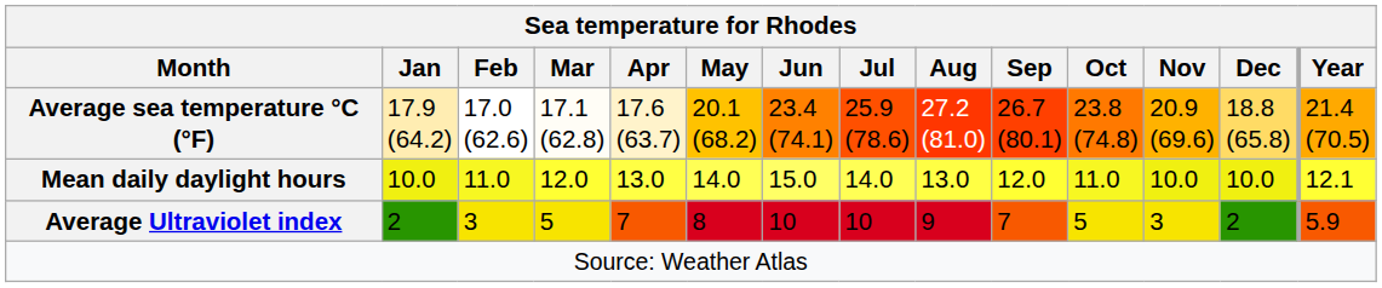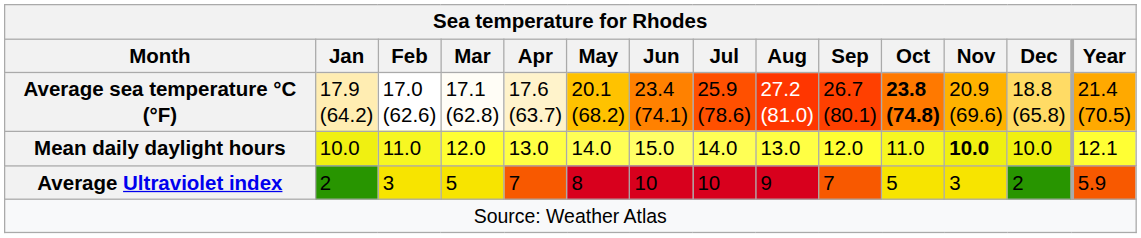 <table style="width:70%;text-align:left;line-height:1.2em" class="wikitable mw-collapsible">
 <tr>
 <th Colspan=14>Sea temperature for Rhodes</th>
 </tr>
 <tr>
 <th>Month</th>
 <th>Jan</th>
 <th>Feb</th>
 <th>Mar</th>
 <th>Apr</th>
 <th>May</th>
 <th>Jun</th>
 <th>Jul</th>
 <th>Aug</th>
 <th>Sep</th>
 <th>Oct</th>
 <th>Nov</th>
 <th>Dec</th>
 <th style="border-left-width:medium">Year</th>
 </tr>
 <tr>
 <th>Average sea temperature °C (°F)</th>
 <td style="background:#FFEDB2;color:#000000;">17.9<br>(64.2)</td>
 <td style="background:#FFFFFF;color:#000000;">17.0<br>(62.6)</td>
 <td style="background:#FFFDF6;color:#000000;">17.1<br>(62.8)</td>
 <td style="background:#FFF3CB;color:#000000;">17.6<br>(63.7)</td>
 <td style="background:#FFC200;color:#000000;">20.1<br>(68.2)</td>
 <td style="background:#FF8100;color:#000000;">23.4<br>(74.1)</td>
 <td style="background:#FF5000;color:#000000;">25.9<br>(78.6)</td>
 <td style="background:#FF3600;color:#FFFFFF;">27.2<br>(81.0)</td>
 <td style="background:#FF4000;color:#000000;">26.7<br>(80.1)</td>
-<td style="background:#FF7900;color:#000000;">23.8<br>(74.8)</td>
+<td style="background:#FF7900;color:#000000;"><strong>23.8<br>(74.8)</strong></td>
 <td style="background:#FFB200;color:#000000;">20.9<br>(69.6)</td>
 <td style="background:#FFDB65;color:#000000;">18.8<br>(65.8)</td>
 <td style="background:#FFA900;color:#000000;border-left-width:medium">21.4<br>(70.5)</td>
 </tr>
 <tr>
 <th>Mean daily daylight hours</th>
 <td style="background:#F0F011;color:#000000;">10.0</td>
 <td style="background:#F7F722;color:#000000;">11.0</td>
 <td style="background:#FFFF33;color:#000000;">12.0</td>
 <td style="background:#FFFF44;color:#000000;">13.0</td>
 <td style="background:#FFFF55;color:#000000;">14.0</td>
 <td style="background:#FFFF66;color:#000000;">15.0</td>
 <td style="background:#FFFF55;color:#000000;">14.0</td>
 <td style="background:#FFFF44;color:#000000;">13.0</td>
 <td style="background:#FFFF33;color:#000000;">12.0</td>
 <td style="background:#F7F722;color:#000000;">11.0</td>
-<td style="background:#F0F011;color:#000000;">10.0</td>
+<td style="background:#F0F011;color:#000000;"><strong>10.0</strong></td>
 <td style="background:#F0F011;color:#000000;">10.0</td>
 <td style="background:#FFFF34;color:#000000;border-left-width:medium">12.1</td>
 </tr>
 <tr>
 <th>Average <a href='#'>Ultraviolet index</a></th>
 <td style="background:#289500;color:#000000;">2</td>
 <td style="background:#f7e400;color:#000000;">3</td>
 <td style="background:#f7e400;color:#000000;">5</td>
 <td style="background:#f85900;color:#000000;">7</td>
 <td style="background:#d8001d;color:#000000;">8</td>
 <td style="background:#d8001d;color:#000000;">10</td>
 <td style="background:#d8001d;color:#000000;">10</td>
 <td style="background:#d8001d;color:#000000;">9</td>
 <td style="background:#f85900;color:#000000;">7</td>
 <td style="background:#f7e400;color:#000000;">5</td>
 <td style="background:#f7e400;color:#000000;">3</td>
 <td style="background:#289500;color:#000000;">2</td>
 <td style="background:#f85900;color:#000000;border-left-width:medium">5.9</td>
 </tr>
 <tr>
 <th Colspan=14 style="background:#f8f9fa;font-weight:normal;font-size:95%;">Source: Weather Atlas </th>
 </tr>
 </table>
